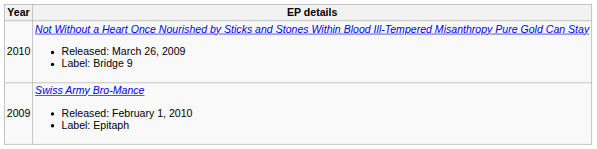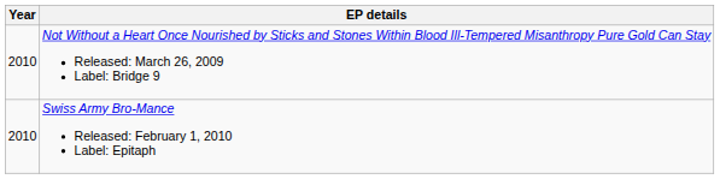 <table class="wikitable" style="text-align:center;">
 <tr>
 <th>Year</th>
 <th>EP details</th>
 </tr>
 <tr>
 <td>2010</td>
 <td style="text-align:left;"><em><a href='#'>Not Without a Heart Once Nourished by Sticks and Stones Within Blood Ill-Tempered Misanthropy Pure Gold Can Stay</a></em><br><ul><li>Released: March 26, 2009</li><li>Label: Bridge 9</li></ul></td>
 </tr>
 <tr>
-<td>2009</td>
+<td>2010</td>
 <td style="text-align:left;"><em><a href='#'>Swiss Army Bro-Mance</a></em><br><ul><li>Released: February 1, 2010</li><li>Label: Epitaph</li></ul></td>
 </tr>
 </table>
